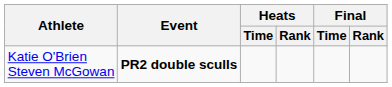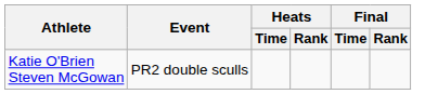 <table class="wikitable" style="font-size:90%">
 <tr>
 <th rowspan="2">Athlete</th>
 <th rowspan="2">Event</th>
 <th colspan="2">Heats</th>
 <th colspan="2">Final</th>
 </tr>
 <tr style="font-size:95%">
 <th>Time</th>
 <th>Rank</th>
 <th>Time</th>
 <th>Rank</th>
 </tr>
 <tr>
 <td align=left><a href='#'>Katie O'Brien</a><br><a href='#'>Steven McGowan</a></td>
-<td align=left><strong>PR2 double sculls</strong></td>
+<td align=left>PR2 double sculls</td>
 <td></td>
 <td></td>
 <td></td>
 <td></td>
 </tr>
 </table>
